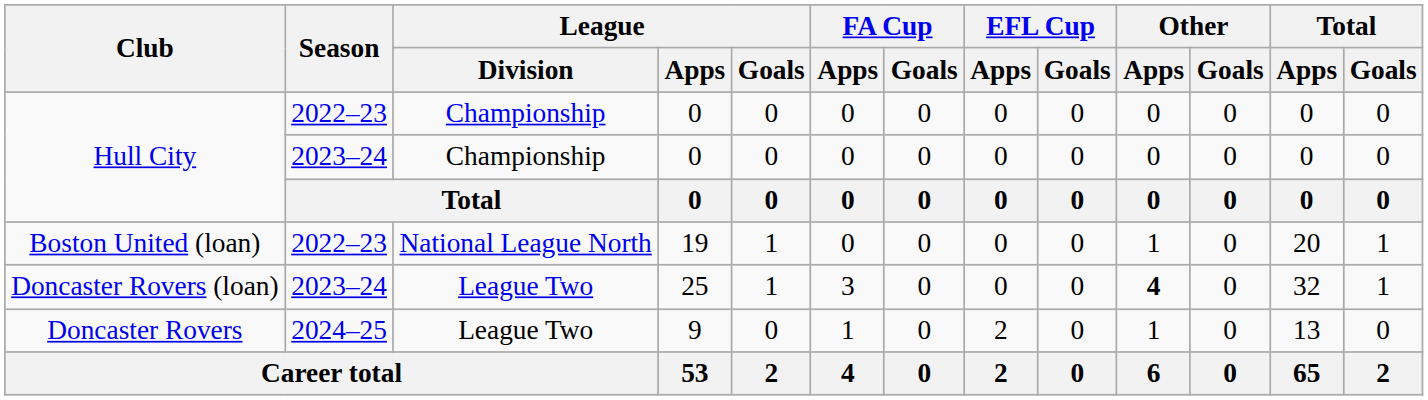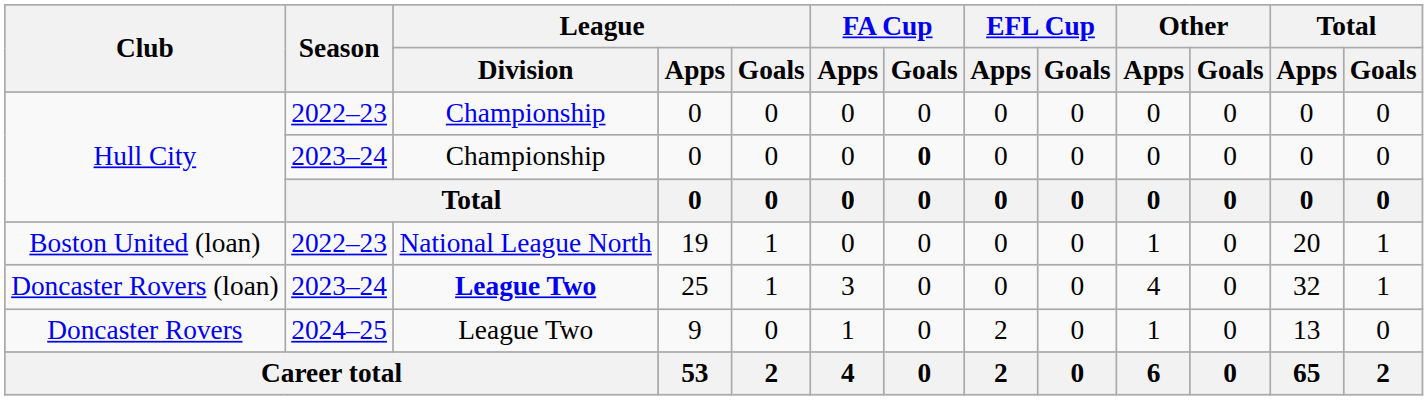 <table class=wikitable style=text-align:center>
 <tr>
 <th rowspan=2>Club</th>
 <th rowspan=2>Season</th>
 <th colspan=3>League</th>
 <th colspan=2><a href='#'>FA Cup</a></th>
 <th colspan=2><a href='#'>EFL Cup</a></th>
 <th colspan=2>Other</th>
 <th colspan=2>Total</th>
 </tr>
 <tr>
 <th>Division</th>
 <th>Apps</th>
 <th>Goals</th>
 <th>Apps</th>
 <th>Goals</th>
 <th>Apps</th>
 <th>Goals</th>
 <th>Apps</th>
 <th>Goals</th>
 <th>Apps</th>
 <th>Goals</th>
 </tr>
 <tr>
 <td rowspan=3><a href='#'>Hull City</a></td>
 <td><a href='#'>2022–23</a></td>
 <td><a href='#'>Championship</a></td>
 <td>0</td>
 <td>0</td>
 <td>0</td>
 <td>0</td>
 <td>0</td>
 <td>0</td>
 <td>0</td>
 <td>0</td>
 <td>0</td>
 <td>0</td>
 </tr>
 <tr>
 <td><a href='#'>2023–24</a></td>
 <td>Championship</td>
 <td>0</td>
 <td>0</td>
 <td>0</td>
-<td>0</td>
+<td><strong>0</strong></td>
 <td>0</td>
 <td>0</td>
 <td>0</td>
 <td>0</td>
 <td>0</td>
 <td>0</td>
 </tr>
 <tr>
 <th colspan="2">Total</th>
 <th>0</th>
 <th>0</th>
 <th>0</th>
 <th>0</th>
 <th>0</th>
 <th>0</th>
 <th>0</th>
 <th>0</th>
 <th>0</th>
 <th>0</th>
 </tr>
 <tr>
 <td><a href='#'>Boston United</a> (loan)</td>
 <td><a href='#'>2022–23</a></td>
 <td><a href='#'>National League North</a></td>
 <td>19</td>
 <td>1</td>
 <td>0</td>
 <td>0</td>
 <td>0</td>
 <td>0</td>
 <td>1</td>
 <td>0</td>
 <td>20</td>
 <td>1</td>
 </tr>
 <tr>
 <td><a href='#'>Doncaster Rovers</a> (loan)</td>
 <td><a href='#'>2023–24</a></td>
-<td><a href='#'>League Two</a></td>
+<td><strong><a href='#'>League Two</a></strong></td>
 <td>25</td>
 <td>1</td>
 <td>3</td>
 <td>0</td>
 <td>0</td>
 <td>0</td>
-<td><strong>4</strong></td>
+<td>4</td>
 <td>0</td>
 <td>32</td>
 <td>1</td>
 </tr>
 <tr>
 <td><a href='#'>Doncaster Rovers</a></td>
 <td><a href='#'>2024–25</a></td>
 <td>League Two</td>
 <td>9</td>
 <td>0</td>
 <td>1</td>
 <td>0</td>
 <td>2</td>
 <td>0</td>
 <td>1</td>
 <td>0</td>
 <td>13</td>
 <td>0</td>
 </tr>
 <tr>
 <th colspan="3">Career total</th>
 <th>53</th>
 <th>2</th>
 <th>4</th>
 <th>0</th>
 <th>2</th>
 <th>0</th>
 <th>6</th>
 <th>0</th>
 <th>65</th>
 <th>2</th>
 </tr>
 </table>
